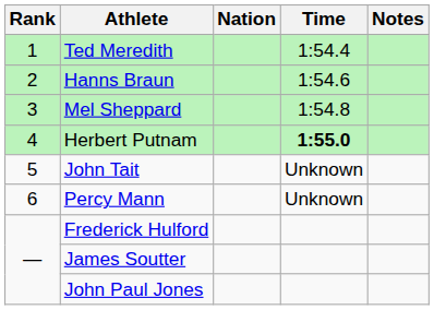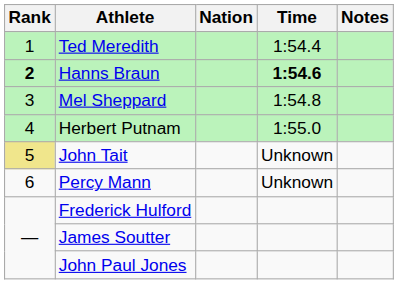 <table class="wikitable sortable" style="text-align:center">
 <tr>
 <th>Rank</th>
 <th>Athlete</th>
 <th>Nation</th>
 <th>Time</th>
 <th>Notes</th>
 </tr>
 <tr bgcolor=bbf3bb>
 <td>1</td>
 <td align=left><a href='#'>Ted Meredith</a></td>
 <td align=left></td>
 <td>1:54.4</td>
 <td></td>
 </tr>
 <tr bgcolor=bbf3bb>
-<td>2</td>
+<td><strong>2</strong></td>
 <td align=left><a href='#'>Hanns Braun</a></td>
 <td align=left></td>
-<td>1:54.6</td>
+<td><strong>1:54.6</strong></td>
 <td></td>
 </tr>
 <tr bgcolor=bbf3bb>
 <td>3</td>
 <td align=left><a href='#'>Mel Sheppard</a></td>
 <td align=left></td>
 <td>1:54.8</td>
 <td></td>
 </tr>
 <tr bgcolor=bbf3bb>
 <td>4</td>
 <td align=left>Herbert Putnam</td>
 <td align=left></td>
-<td><strong>1:55.0</strong></td>
+<td>1:55.0</td>
 <td></td>
 </tr>
 <tr>
-<td>5</td>
+<td style="background: khaki;">5</td>
 <td align=left><a href='#'>John Tait</a></td>
 <td align=left></td>
 <td data-sort-value=2:00.0>Unknown</td>
 <td></td>
 </tr>
 <tr>
 <td>6</td>
 <td align=left><a href='#'>Percy Mann</a></td>
 <td align=left></td>
 <td data-sort-value=3:00.0>Unknown</td>
 <td></td>
 </tr>
 <tr>
 <td rowspan=3 data-sort-value=7>—</td>
 <td align=left><a href='#'>Frederick Hulford</a></td>
 <td align=left></td>
 <td></td>
 <td></td>
 </tr>
 <tr>
 <td align=left><a href='#'>James Soutter</a></td>
 <td align=left></td>
 <td></td>
 <td></td>
 </tr>
 <tr>
 <td align=left><a href='#'>John Paul Jones</a></td>
 <td align=left></td>
 <td></td>
 <td></td>
 </tr>
 </table>
